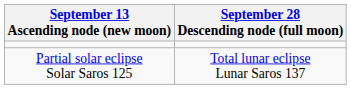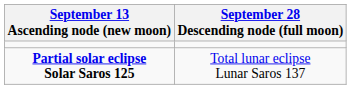 <table class="wikitable">
 <tr>
 <th><a href='#'>September 13</a><br>Ascending node (new moon)<br></th>
 <th><a href='#'>September 28</a><br>Descending node (full moon)<br></th>
 </tr>
 <tr>
 <td></td>
 <td></td>
 </tr>
 <tr align=center>
-<td><a href='#'>Partial solar eclipse</a><br>Solar Saros 125</td>
+<td><strong><a href='#'>Partial solar eclipse</a><br>Solar Saros 125</strong></td>
 <td><a href='#'>Total lunar eclipse</a><br>Lunar Saros 137</td>
 </tr>
 </table>
